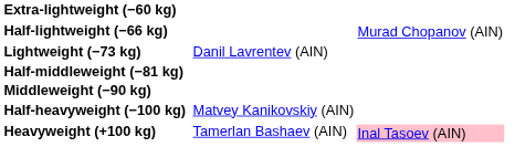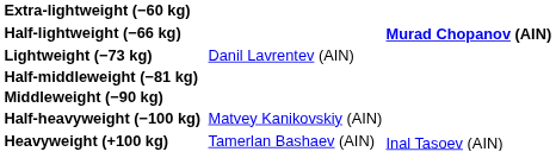 <table>
 <tr>
 <th rowspan=2 style="text-align:left;">Extra-lightweight (−60 kg)</th>
 <td rowspan=2></td>
 <td rowspan=2></td>
 <td></td>
 </tr>
 <tr>
 <td></td>
 </tr>
 <tr>
 <th rowspan=2 style="text-align:left;">Half-lightweight (−66 kg)</th>
 <td rowspan=2></td>
 <td rowspan=2></td>
 <td></td>
 </tr>
 <tr>
-<td> <a href='#'>Murad Chopanov</a> <span>(<abbr>AIN</abbr>)</span></td>
+<td><strong> <a href='#'>Murad Chopanov</a> <span>(<abbr>AIN</abbr>)</span></strong></td>
 </tr>
 <tr>
 <th rowspan=2 style="text-align:left;">Lightweight (−73 kg)</th>
 <td rowspan=2></td>
 <td rowspan=2> <a href='#'>Danil Lavrentev</a> <span>(<abbr>AIN</abbr>)</span></td>
 <td></td>
 </tr>
 <tr>
 <td></td>
 </tr>
 <tr>
 <th rowspan=2 style="text-align:left;">Half-middleweight (−81 kg)</th>
 <td rowspan=2></td>
 <td rowspan=2></td>
 <td></td>
 </tr>
 <tr>
 <td></td>
 </tr>
 <tr>
 <th rowspan=2 style="text-align:left;">Middleweight (−90 kg)</th>
 <td rowspan=2></td>
 <td rowspan=2></td>
 <td></td>
 </tr>
 <tr>
 <td></td>
 </tr>
 <tr>
 <th rowspan=2 style="text-align:left;">Half-heavyweight (−100 kg)</th>
 <td rowspan=2></td>
 <td rowspan=2> <a href='#'>Matvey Kanikovskiy</a> <span>(<abbr>AIN</abbr>)</span></td>
 <td></td>
 </tr>
 <tr>
 <td></td>
 </tr>
 <tr>
 <th rowspan=2 style="text-align:left;">Heavyweight (+100 kg)</th>
 <td rowspan=2></td>
 <td rowspan=2> <a href='#'>Tamerlan Bashaev</a> <span>(<abbr>AIN</abbr>)</span></td>
 <td></td>
 </tr>
 <tr>
-<td style="background: pink;"> <a href='#'>Inal Tasoev</a> <span>(<abbr>AIN</abbr>)</span></td>
+<td> <a href='#'>Inal Tasoev</a> <span>(<abbr>AIN</abbr>)</span></td>
 </tr>
 </table>
